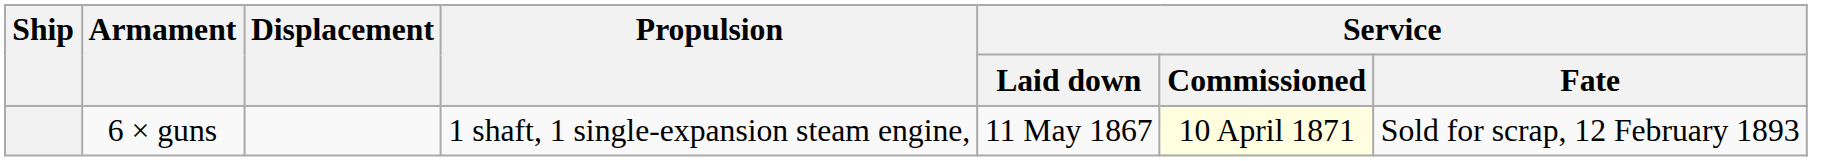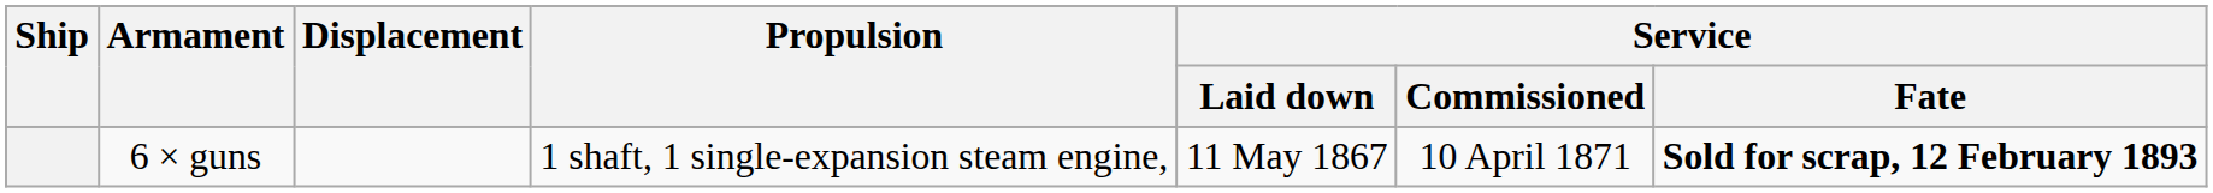 <table class="wikitable plainrowheaders" style="text-align: center;">
 <tr valign="top">
 <th scope="col" rowspan="2">Ship</th>
 <th scope="col" rowspan="2">Armament</th>
 <th scope="col" rowspan="2">Displacement</th>
 <th scope="col" rowspan="2">Propulsion</th>
 <th scope="col" colspan="3">Service</th>
 </tr>
 <tr valign="top">
 <th scope="col">Laid down</th>
 <th scope="col">Commissioned</th>
 <th scope="col">Fate</th>
 </tr>
 <tr valign="center">
 <th scope="row"></th>
 <td>6 ×  guns</td>
 <td></td>
 <td>1 shaft, 1 single-expansion steam engine, </td>
 <td>11 May 1867</td>
-<td style="background: lightyellow;">10 April 1871</td>
-<td>Sold for scrap, 12 February 1893</td>
+<td>10 April 1871</td>
+<td><strong>Sold for scrap, 12 February 1893</strong></td>
 </tr>
 </table>
